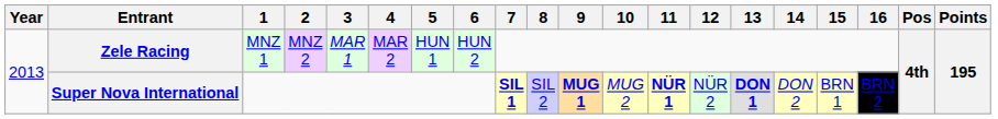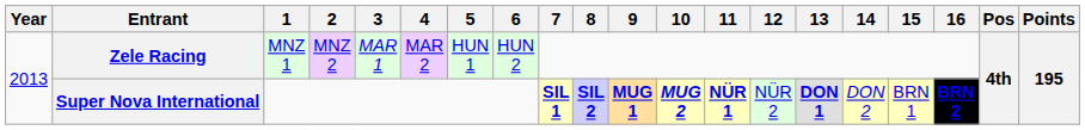 <table class="wikitable" style="text-align:center; font-size:85%">
 <tr>
 <th>Year</th>
 <th>Entrant</th>
 <th>1</th>
 <th>2</th>
 <th>3</th>
 <th>4</th>
 <th>5</th>
 <th>6</th>
 <th>7</th>
 <th>8</th>
 <th>9</th>
 <th>10</th>
 <th>11</th>
 <th>12</th>
 <th>13</th>
 <th>14</th>
 <th>15</th>
 <th>16</th>
 <th>Pos</th>
 <th>Points</th>
 </tr>
 <tr>
 <td rowspan=2><a href='#'>2013</a></td>
 <th nowrap><a href='#'>Zele Racing</a></th>
 <td style="background:#DFFFDF;"><a href='#'>MNZ<br>1</a><br></td>
 <td style="background:#EFCFFF;"><a href='#'>MNZ<br>2</a><br></td>
 <td style="background:#DFFFDF;"><em><a href='#'>MAR<br>1</a></em><br></td>
 <td style="background:#EFCFFF;"><a href='#'>MAR<br>2</a><br></td>
 <td style="background:#DFFFDF;"><a href='#'>HUN<br>1</a><br></td>
 <td style="background:#DFFFDF;"><a href='#'>HUN<br>2</a><br></td>
 <td colspan=10></td>
 <th rowspan=2>4th</th>
 <th rowspan=2>195</th>
 </tr>
 <tr>
 <th nowrap><a href='#'>Super Nova International</a></th>
 <td colspan=6></td>
 <td style="background:#FFFFBF;"><strong><a href='#'>SIL<br>1</a></strong><br></td>
-<td style="background:#CFCFFF;"><a href='#'>SIL<br>2</a><br></td>
+<td style="background:#CFCFFF;"><strong><a href='#'>SIL<br>2</a><br></strong></td>
 <td style="background:#FFDF9F;"><strong><a href='#'>MUG<br>1</a></strong><br></td>
-<td style="background:#FFFFBF;"><em><a href='#'>MUG<br>2</a></em><br></td>
+<td style="background:#FFFFBF;"><strong><em><a href='#'>MUG<br>2</a></em><br></strong></td>
 <td style="background:#FFFFBF;"><strong><a href='#'>NÜR<br>1</a></strong><br></td>
 <td style="background:#DFFFDF;"><a href='#'>NÜR<br>2</a><br></td>
 <td style="background:#DFDFDF;"><strong><a href='#'>DON<br>1</a></strong><br></td>
 <td style="background:#FFFFBF;"><em><a href='#'>DON<br>2</a></em><br></td>
 <td style="background:#FFFFBF;"><a href='#'>BRN<br>1</a><br></td>
-<td style="background:black; color:white;"><a href='#'><span>BRN<br>2</span></a><br></td>
+<td style="background:black; color:white;"><strong><a href='#'><span>BRN<br>2</span></a><br></strong></td>
 </tr>
 </table>
